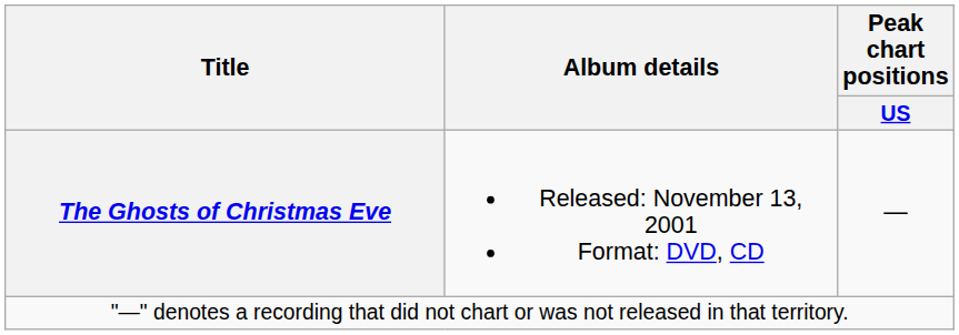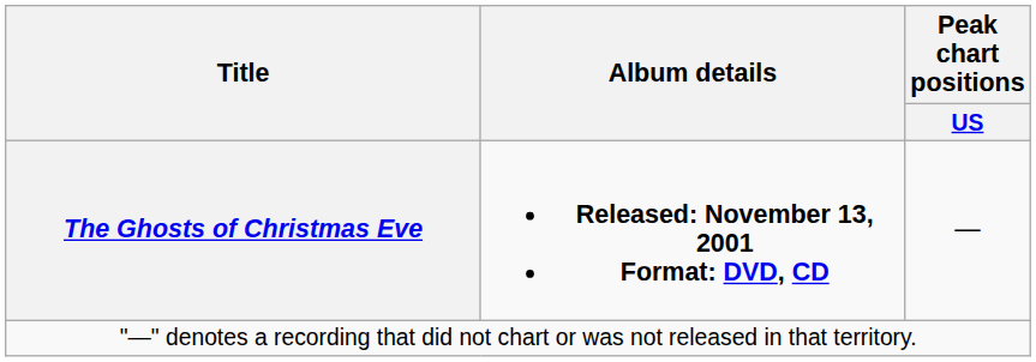 <table class="wikitable plainrowheaders" style="text-align:center;" border="1">
 <tr>
 <th scope="col" rowspan="2" style="width:18em;">Title</th>
 <th scope="col" rowspan="2" style="width:16em;">Album details</th>
 <th scope="col" colspan="1">Peak chart positions</th>
 </tr>
 <tr>
 <th scope="col" style="width:2.2em;font-size:90%;"><a href='#'>US</a><br></th>
 </tr>
 <tr>
 <th scope="row"><em><a href='#'>The Ghosts of Christmas Eve</a></em></th>
-<td><br><ul><li>Released: November 13, 2001</li><li>Format: <a href='#'>DVD</a>, <a href='#'>CD</a></li></ul></td>
+<td><strong><br><ul><li>Released: November 13, 2001</li><li>Format: <a href='#'>DVD</a>, <a href='#'>CD</a></li></ul></strong></td>
 <td>—</td>
 </tr>
 <tr>
 <td colspan="14" style="font-size:90%">"—" denotes a recording that did not chart or was not released in that territory.</td>
 </tr>
 </table>
